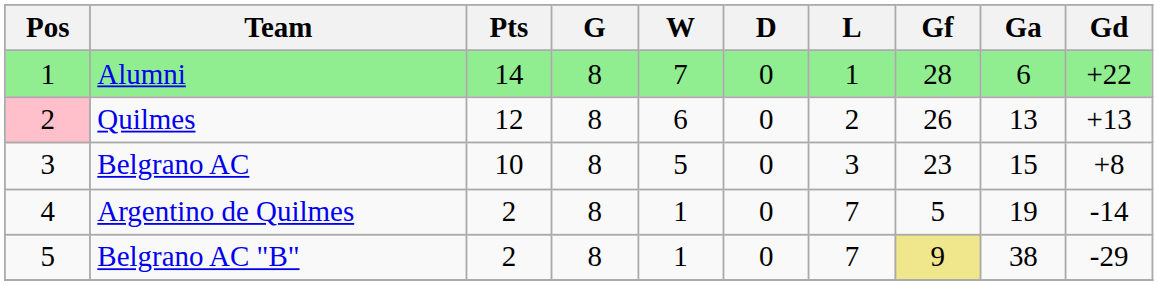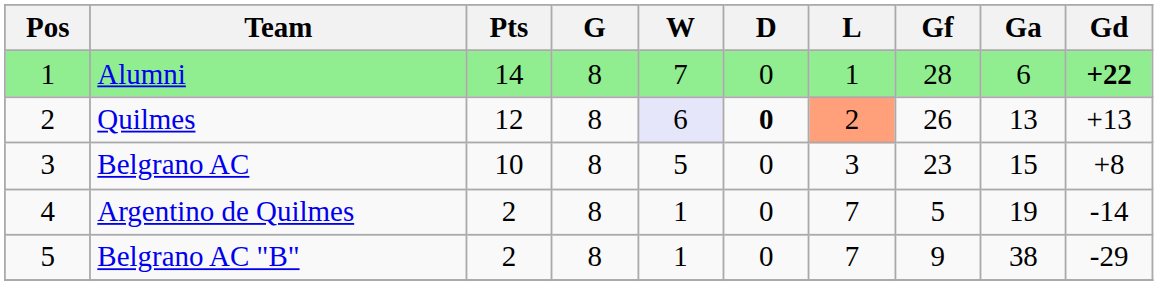 <table class="wikitable" style="text-align:center">
 <tr>
 <th width=40px>Pos</th>
 <th width=200px>Team</th>
 <th width=40px>Pts</th>
 <th width=40px>G</th>
 <th width=40px>W</th>
 <th width=40px>D</th>
 <th width=40px>L</th>
 <th width=40px>Gf</th>
 <th width=40px>Ga</th>
 <th width=40px>Gd</th>
 </tr>
 <tr bgcolor="lightgreen">
 <td>1</td>
 <td align=left><a href='#'>Alumni</a></td>
 <td>14</td>
 <td>8</td>
 <td>7</td>
 <td>0</td>
 <td>1</td>
 <td>28</td>
 <td>6</td>
-<td>+22</td>
+<td><strong>+22</strong></td>
 </tr>
 <tr>
-<td style="background: pink;">2</td>
+<td>2</td>
 <td align=left><a href='#'>Quilmes</a></td>
 <td>12</td>
 <td>8</td>
-<td>6</td>
-<td>0</td>
-<td>2</td>
+<td style="background: lavender;">6</td>
+<td><strong>0</strong></td>
+<td style="background: lightsalmon;">2</td>
 <td>26</td>
 <td>13</td>
 <td>+13</td>
 </tr>
 <tr>
 <td>3</td>
 <td align=left><a href='#'>Belgrano AC</a></td>
 <td>10</td>
 <td>8</td>
 <td>5</td>
 <td>0</td>
 <td>3</td>
 <td>23</td>
 <td>15</td>
 <td>+8</td>
 </tr>
 <tr>
 <td>4</td>
 <td align=left><a href='#'>Argentino de Quilmes</a></td>
 <td>2</td>
 <td>8</td>
 <td>1</td>
 <td>0</td>
 <td>7</td>
 <td>5</td>
 <td>19</td>
 <td>-14</td>
 </tr>
 <tr>
 <td>5</td>
 <td align=left><a href='#'>Belgrano AC "B"</a></td>
 <td>2</td>
 <td>8</td>
 <td>1</td>
 <td>0</td>
 <td>7</td>
-<td style="background: khaki;">9</td>
+<td>9</td>
 <td>38</td>
 <td>-29</td>
 </tr>
 <tr>
 </tr>
 </table>
